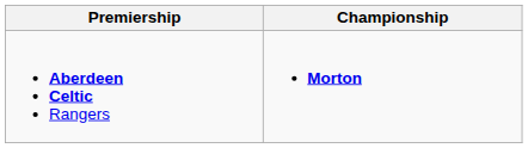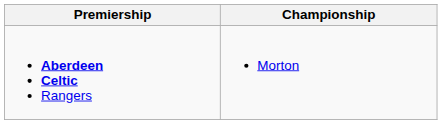 <table class="wikitable">
 <tr>
 <th style="width:250px;">Premiership</th>
 <th style="width:250px;">Championship</th>
 </tr>
 <tr>
 <td valign=top><br><ul><li><strong><a href='#'>Aberdeen</a></strong></li><li><strong><a href='#'>Celtic</a></strong></li><li><a href='#'>Rangers</a></li></ul></td>
-<td valign=top><strong><br><ul><li><a href='#'>Morton</a></li></ul></strong></td>
+<td valign=top><br><ul><li><a href='#'>Morton</a></li></ul></td>
 </tr>
 </table>
